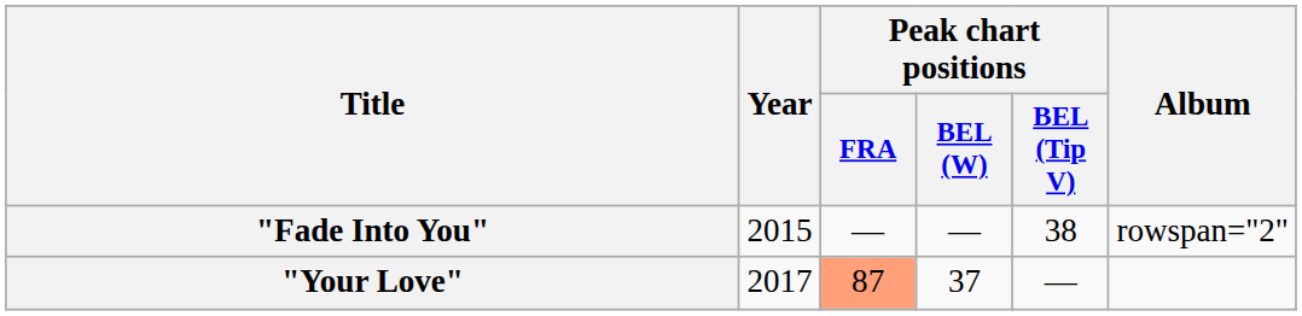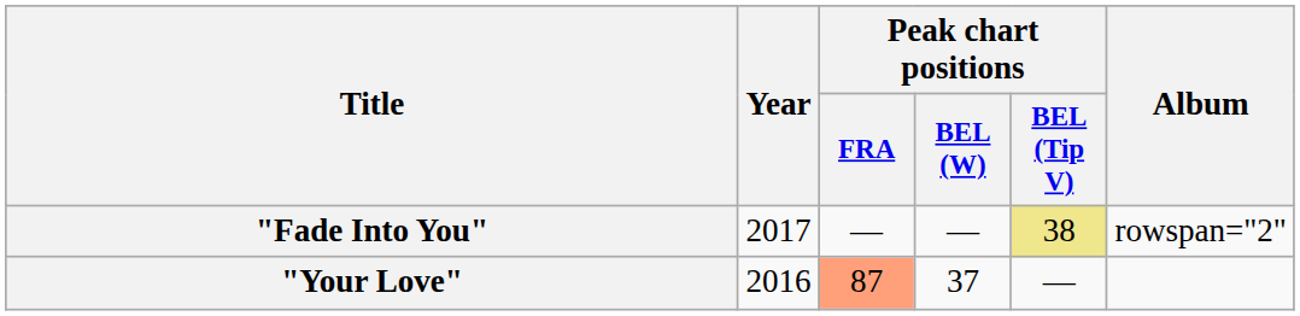 <table class="wikitable plainrowheaders" style="text-align:center;">
 <tr>
 <th scope="col" rowspan="2" style="width:22em;">Title</th>
 <th scope="col" rowspan="2" style="width:1em;">Year</th>
 <th scope="col" colspan="3">Peak chart positions</th>
 <th scope="col" rowspan="2">Album</th>
 </tr>
 <tr>
 <th scope="col" style="width:3em;font-size:85%;"><a href='#'>FRA</a><br></th>
 <th scope="col" style="width:3em;font-size:85%;"><a href='#'>BEL<br>(W)</a><br></th>
 <th scope="col" style="width:3em;font-size:85%;"><a href='#'>BEL<br>(Tip V)</a><br></th>
 </tr>
 <tr>
 <th scope="row">"Fade Into You"<br></th>
-<td>2015</td>
+<td>2017</td>
 <td>—</td>
 <td>—</td>
-<td>38</td>
+<td style="background: khaki;">38</td>
 <td>rowspan="2" </td>
 </tr>
 <tr>
 <th scope="row">"Your Love"<br></th>
-<td>2017</td>
+<td>2016</td>
 <td style="background: lightsalmon;">87</td>
 <td>37</td>
 <td>—</td>
 </tr>
 </table>
